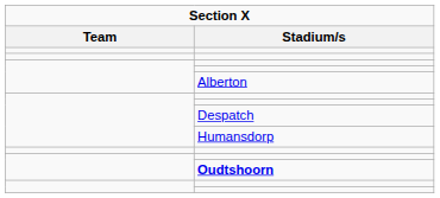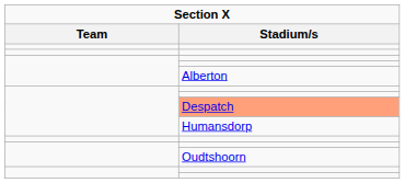 <table class="wikitable">
 <tr>
 <td colspan=3 align=center><strong>Section X</strong></td>
 </tr>
 <tr>
 <th width="220">Team</th>
 <th width="280">Stadium/s</th>
 </tr>
 <tr>
 <td></td>
 <td></td>
 </tr>
 <tr>
 <td></td>
 <td></td>
 </tr>
 <tr>
 <td rowspan=3></td>
 <td></td>
 </tr>
 <tr>
 <td></td>
 </tr>
 <tr>
 <td><a href='#'>Alberton</a></td>
 </tr>
 <tr>
 <td rowspan=4></td>
 <td></td>
 </tr>
 <tr>
 <td></td>
 </tr>
 <tr>
-<td><a href='#'>Despatch</a></td>
+<td style="background: lightsalmon;"><a href='#'>Despatch</a></td>
 </tr>
 <tr>
 <td><a href='#'>Humansdorp</a></td>
 </tr>
 <tr>
 <td></td>
 <td></td>
 </tr>
 <tr>
 <td rowspan=2></td>
 <td></td>
 </tr>
 <tr>
-<td><strong><a href='#'>Oudtshoorn</a></strong></td>
+<td><a href='#'>Oudtshoorn</a></td>
 </tr>
 <tr>
 <td rowspan=2></td>
 <td></td>
 </tr>
 <tr>
 <td></td>
 </tr>
 </table>
